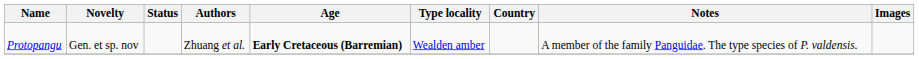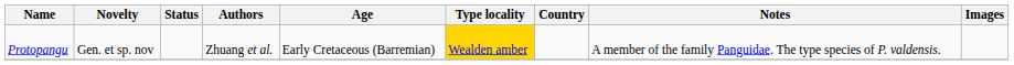 <table class="wikitable sortable" align="center" width="100%">
 <tr>
 <th>Name</th>
 <th>Novelty</th>
 <th>Status</th>
 <th>Authors</th>
 <th>Age</th>
 <th>Type locality</th>
 <th>Country</th>
 <th>Notes</th>
 <th>Images</th>
 </tr>
 <tr>
 <td><br><em><a href='#'>Protopangu</a></em></td>
 <td><br>Gen. et sp. nov</td>
 <td></td>
 <td><br>Zhuang <em>et al.</em></td>
-<td><strong><br>Early Cretaceous (Barremian)</strong></td>
-<td><br><a href='#'>Wealden amber</a></td>
+<td><br>Early Cretaceous (Barremian)</td>
+<td style="background: gold;"><br><a href='#'>Wealden amber</a></td>
 <td><br></td>
 <td><br>A member of the family <a href='#'>Panguidae</a>. The type species of <em>P. valdensis</em>.</td>
 <td></td>
 </tr>
 <tr>
 </tr>
 </table>
